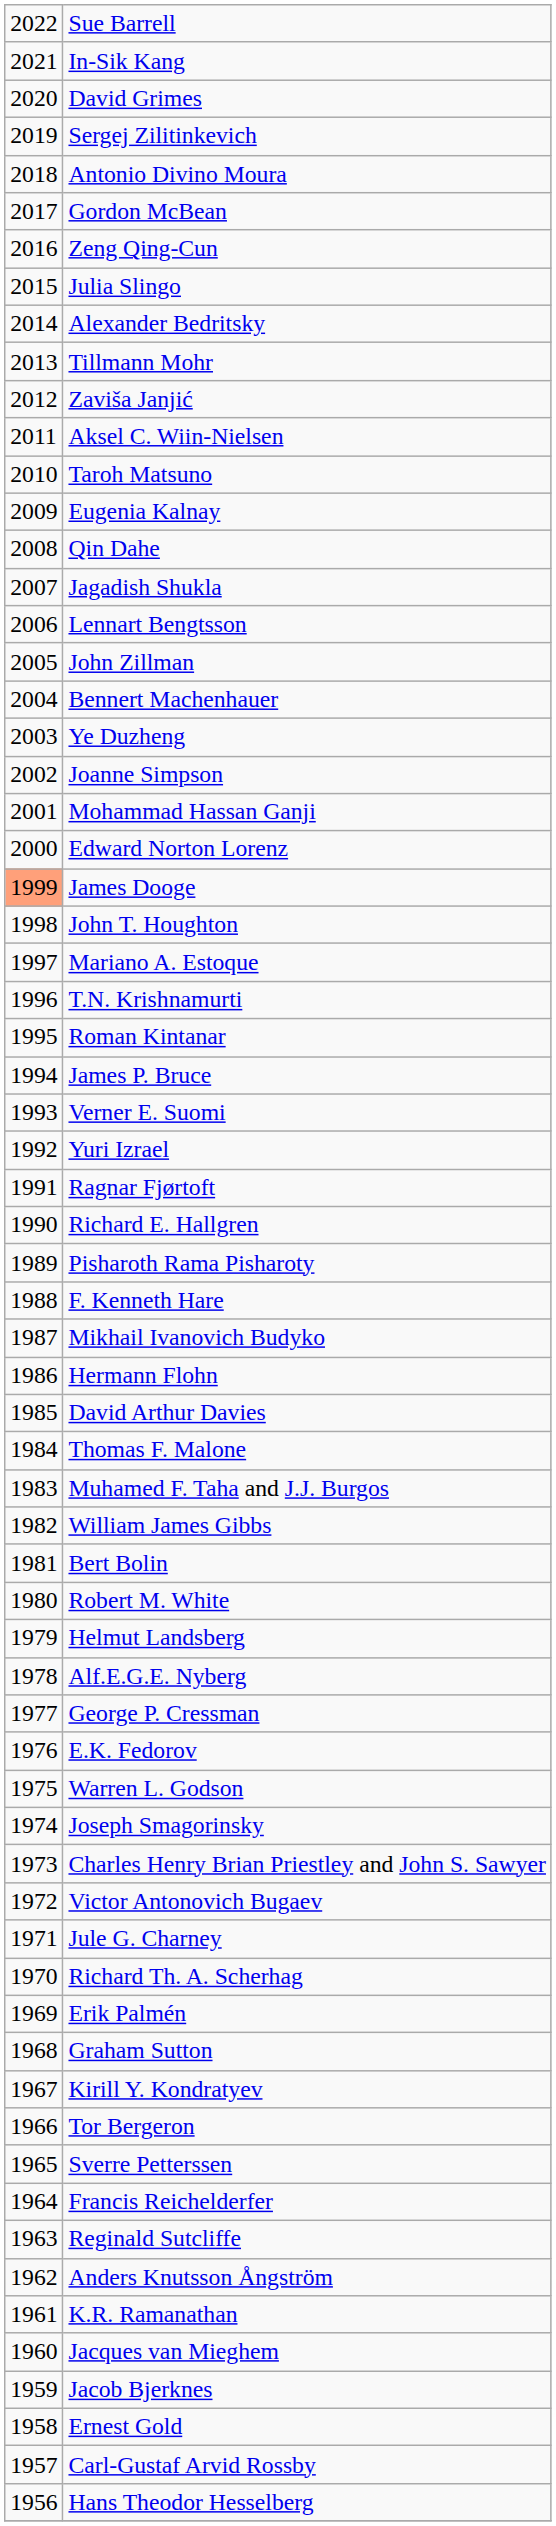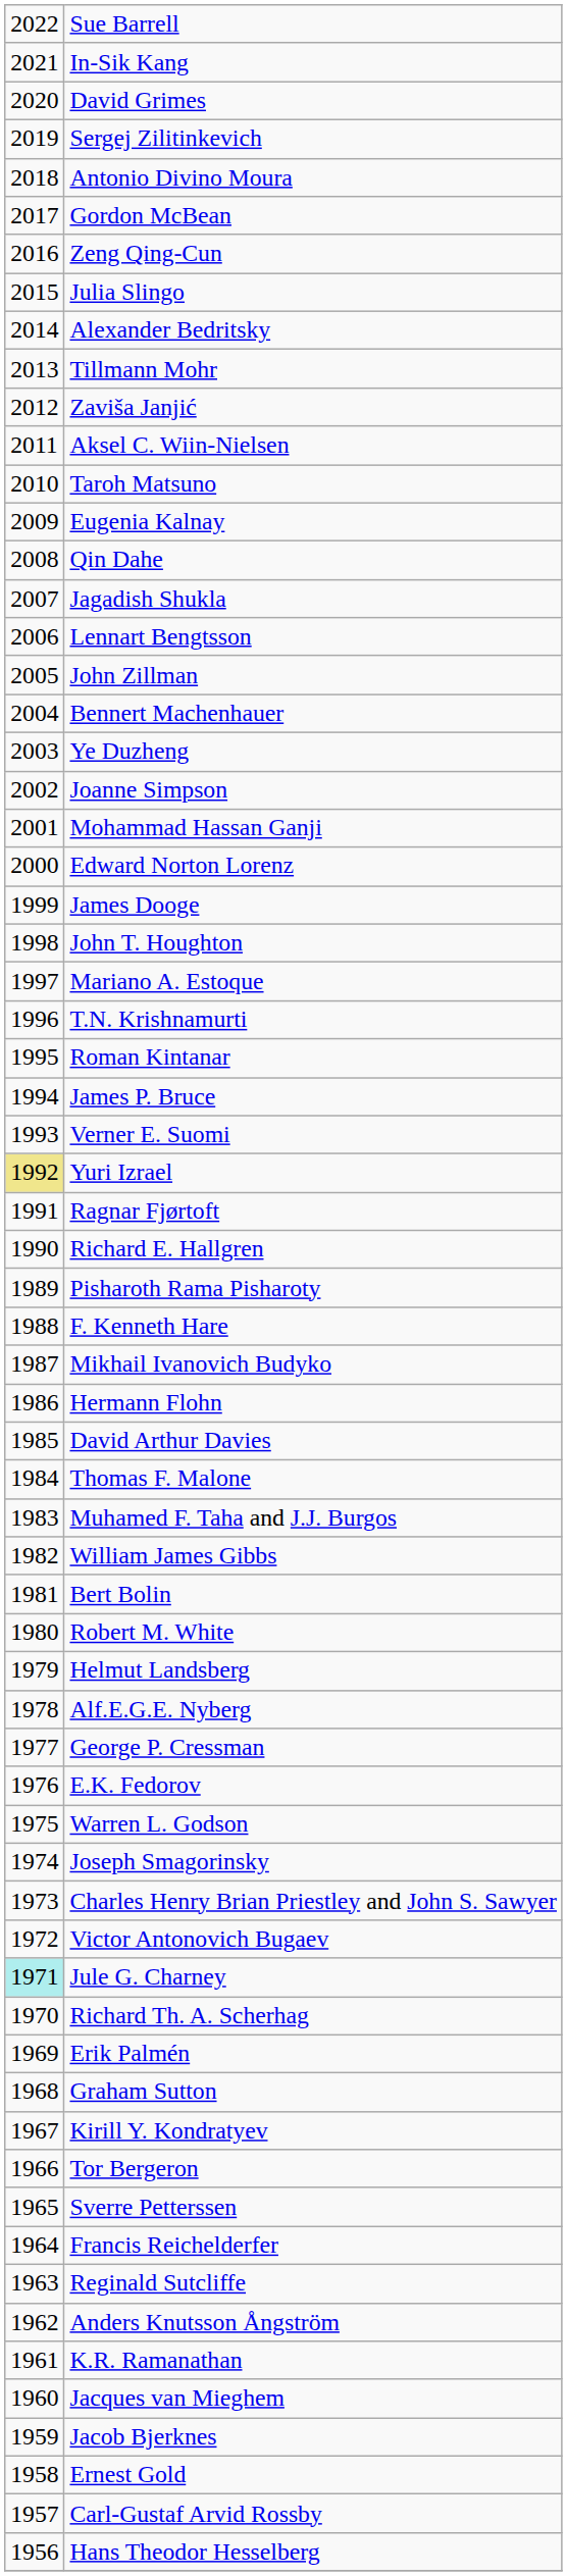 <table class="wikitable">
 <tr>
 <td>2022</td>
 <td><a href='#'>Sue Barrell</a></td>
 </tr>
 <tr>
 <td>2021</td>
 <td><a href='#'>In-Sik Kang</a></td>
 </tr>
 <tr>
 <td>2020</td>
 <td><a href='#'>David Grimes</a></td>
 </tr>
 <tr>
 <td>2019</td>
 <td><a href='#'>Sergej Zilitinkevich</a></td>
 </tr>
 <tr>
 <td>2018</td>
 <td><a href='#'>Antonio Divino Moura</a></td>
 </tr>
 <tr>
 <td>2017</td>
 <td><a href='#'>Gordon McBean</a></td>
 </tr>
 <tr>
 <td>2016</td>
 <td><a href='#'>Zeng Qing-Cun</a></td>
 </tr>
 <tr>
 <td>2015</td>
 <td><a href='#'>Julia Slingo</a></td>
 </tr>
 <tr>
 <td>2014</td>
 <td><a href='#'>Alexander Bedritsky</a></td>
 </tr>
 <tr>
 <td>2013</td>
 <td><a href='#'>Tillmann Mohr</a></td>
 </tr>
 <tr>
 <td>2012</td>
 <td><a href='#'>Zaviša Janjić</a></td>
 </tr>
 <tr>
 <td>2011</td>
 <td><a href='#'>Aksel C. Wiin-Nielsen</a></td>
 </tr>
 <tr>
 <td>2010</td>
 <td><a href='#'>Taroh Matsuno</a></td>
 </tr>
 <tr>
 <td>2009</td>
 <td><a href='#'>Eugenia Kalnay</a></td>
 </tr>
 <tr>
 <td>2008</td>
 <td><a href='#'>Qin Dahe</a></td>
 </tr>
 <tr>
 <td>2007</td>
 <td><a href='#'>Jagadish Shukla</a></td>
 </tr>
 <tr>
 <td>2006</td>
 <td><a href='#'>Lennart Bengtsson</a></td>
 </tr>
 <tr>
 <td>2005</td>
 <td><a href='#'>John Zillman</a></td>
 </tr>
 <tr>
 <td>2004</td>
 <td><a href='#'>Bennert Machenhauer</a></td>
 </tr>
 <tr>
 <td>2003</td>
 <td><a href='#'>Ye Duzheng</a></td>
 </tr>
 <tr>
 <td>2002</td>
 <td><a href='#'>Joanne Simpson</a></td>
 </tr>
 <tr>
 <td>2001</td>
 <td><a href='#'>Mohammad Hassan Ganji</a></td>
 </tr>
 <tr>
 <td>2000</td>
 <td><a href='#'>Edward Norton Lorenz</a></td>
 </tr>
 <tr>
-<td style="background: lightsalmon;">1999</td>
+<td>1999</td>
 <td><a href='#'>James Dooge</a></td>
 </tr>
 <tr>
 <td>1998</td>
 <td><a href='#'>John T. Houghton</a></td>
 </tr>
 <tr>
 <td>1997</td>
 <td><a href='#'>Mariano A. Estoque</a></td>
 </tr>
 <tr>
 <td>1996</td>
 <td><a href='#'>T.N. Krishnamurti</a></td>
 </tr>
 <tr>
 <td>1995</td>
 <td><a href='#'>Roman Kintanar</a></td>
 </tr>
 <tr>
 <td>1994</td>
 <td><a href='#'>James P. Bruce</a></td>
 </tr>
 <tr>
 <td>1993</td>
 <td><a href='#'>Verner E. Suomi</a></td>
 </tr>
 <tr>
-<td>1992</td>
+<td style="background: khaki;">1992</td>
 <td><a href='#'>Yuri Izrael</a></td>
 </tr>
 <tr>
 <td>1991</td>
 <td><a href='#'>Ragnar Fjørtoft</a></td>
 </tr>
 <tr>
 <td>1990</td>
 <td><a href='#'>Richard E. Hallgren</a></td>
 </tr>
 <tr>
 <td>1989</td>
 <td><a href='#'>Pisharoth Rama Pisharoty</a></td>
 </tr>
 <tr>
 <td>1988</td>
 <td><a href='#'>F. Kenneth Hare</a></td>
 </tr>
 <tr>
 <td>1987</td>
 <td><a href='#'>Mikhail Ivanovich Budyko</a></td>
 </tr>
 <tr>
 <td>1986</td>
 <td><a href='#'>Hermann Flohn</a></td>
 </tr>
 <tr>
 <td>1985</td>
 <td><a href='#'>David Arthur Davies</a></td>
 </tr>
 <tr>
 <td>1984</td>
 <td><a href='#'>Thomas F. Malone</a></td>
 </tr>
 <tr>
 <td>1983</td>
 <td><a href='#'>Muhamed F. Taha</a> and <a href='#'>J.J. Burgos</a></td>
 </tr>
 <tr>
 <td>1982</td>
 <td><a href='#'>William James Gibbs</a></td>
 </tr>
 <tr>
 <td>1981</td>
 <td><a href='#'>Bert Bolin</a></td>
 </tr>
 <tr>
 <td>1980</td>
 <td><a href='#'>Robert M. White</a></td>
 </tr>
 <tr>
 <td>1979</td>
 <td><a href='#'>Helmut Landsberg</a></td>
 </tr>
 <tr>
 <td>1978</td>
 <td><a href='#'>Alf.E.G.E. Nyberg</a></td>
 </tr>
 <tr>
 <td>1977</td>
 <td><a href='#'>George P. Cressman</a></td>
 </tr>
 <tr>
 <td>1976</td>
 <td><a href='#'>E.K. Fedorov</a></td>
 </tr>
 <tr>
 <td>1975</td>
 <td><a href='#'>Warren L. Godson</a></td>
 </tr>
 <tr>
 <td>1974</td>
 <td><a href='#'>Joseph Smagorinsky</a></td>
 </tr>
 <tr>
 <td>1973</td>
 <td><a href='#'>Charles Henry Brian Priestley</a> and <a href='#'>John S. Sawyer</a></td>
 </tr>
 <tr>
 <td>1972</td>
 <td><a href='#'>Victor Antonovich Bugaev</a></td>
 </tr>
 <tr>
-<td>1971</td>
+<td style="background: paleturquoise;">1971</td>
 <td><a href='#'>Jule G. Charney</a></td>
 </tr>
 <tr>
 <td>1970</td>
 <td><a href='#'>Richard Th. A. Scherhag</a></td>
 </tr>
 <tr>
 <td>1969</td>
 <td><a href='#'>Erik Palmén</a></td>
 </tr>
 <tr>
 <td>1968</td>
 <td><a href='#'>Graham Sutton</a></td>
 </tr>
 <tr>
 <td>1967</td>
 <td><a href='#'>Kirill Y. Kondratyev</a></td>
 </tr>
 <tr>
 <td>1966</td>
 <td><a href='#'>Tor Bergeron</a></td>
 </tr>
 <tr>
 <td>1965</td>
 <td><a href='#'>Sverre Petterssen</a></td>
 </tr>
 <tr>
 <td>1964</td>
 <td><a href='#'>Francis Reichelderfer</a></td>
 </tr>
 <tr>
 <td>1963</td>
 <td><a href='#'>Reginald Sutcliffe</a></td>
 </tr>
 <tr>
 <td>1962</td>
 <td><a href='#'>Anders Knutsson Ångström</a></td>
 </tr>
 <tr>
 <td>1961</td>
 <td><a href='#'>K.R. Ramanathan</a></td>
 </tr>
 <tr>
 <td>1960</td>
 <td><a href='#'>Jacques van Mieghem</a></td>
 </tr>
 <tr>
 <td>1959</td>
 <td><a href='#'>Jacob Bjerknes</a></td>
 </tr>
 <tr>
 <td>1958</td>
 <td><a href='#'>Ernest Gold</a></td>
 </tr>
 <tr>
 <td>1957</td>
 <td><a href='#'>Carl-Gustaf Arvid Rossby</a></td>
 </tr>
 <tr>
 <td>1956</td>
 <td><a href='#'>Hans Theodor Hesselberg</a></td>
 </tr>
 <tr>
 </tr>
 </table>
